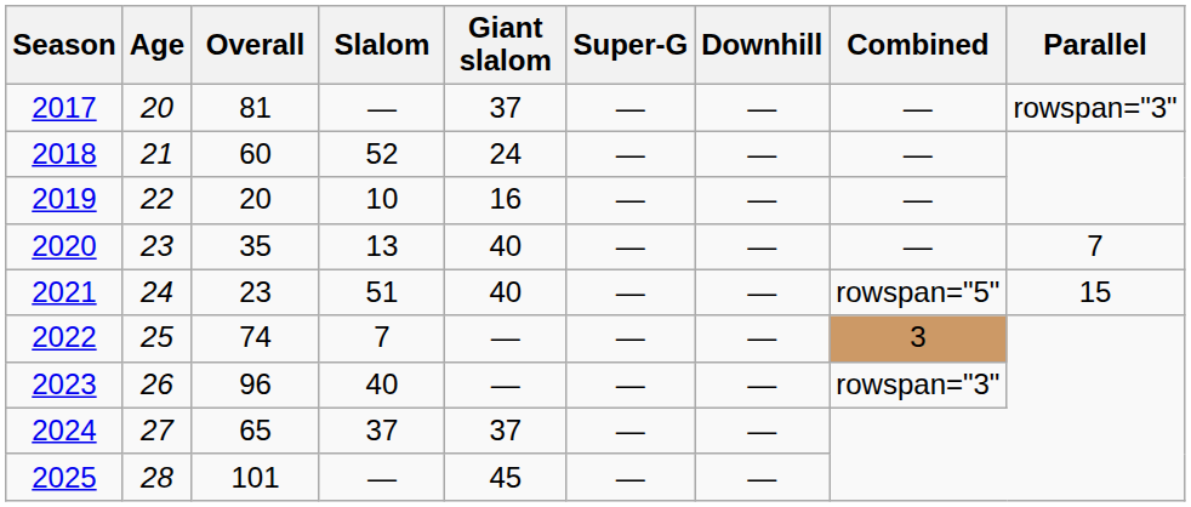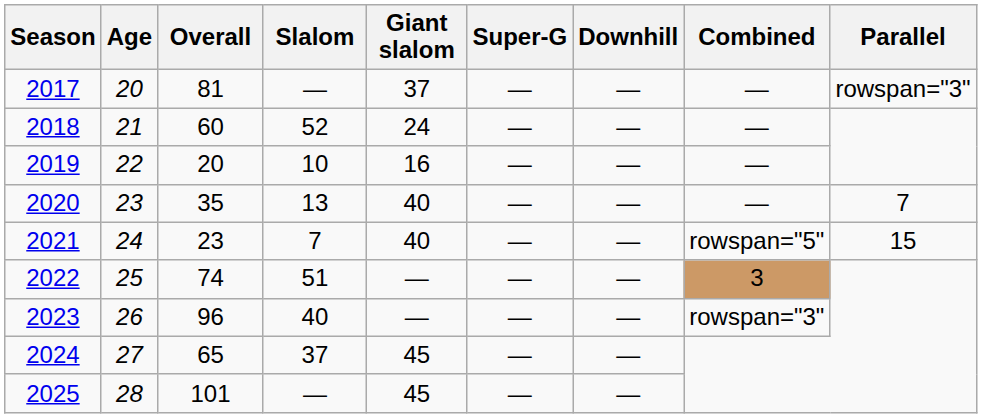 <table class=wikitable style="text-align:center">
 <tr>
 <th>Season</th>
 <th>Age</th>
 <th> Overall </th>
 <th> Slalom </th>
 <th>Giant<br> slalom </th>
 <th>Super-G</th>
 <th>Downhill</th>
 <th>Combined</th>
 <th>Parallel</th>
 </tr>
 <tr>
 <td><a href='#'>2017</a></td>
 <td><em>20</em></td>
 <td>81</td>
 <td>—</td>
 <td>37</td>
 <td>—</td>
 <td>—</td>
 <td>—</td>
 <td>rowspan="3" </td>
 </tr>
 <tr>
 <td><a href='#'>2018</a></td>
 <td><em>21</em></td>
 <td>60</td>
 <td>52</td>
 <td>24</td>
 <td>—</td>
 <td>—</td>
 <td>—</td>
 </tr>
 <tr>
 <td><a href='#'>2019</a></td>
 <td><em>22</em></td>
 <td>20</td>
 <td>10</td>
 <td>16</td>
 <td>—</td>
 <td>—</td>
 <td>—</td>
 </tr>
 <tr>
 <td><a href='#'>2020</a></td>
 <td><em>23</em></td>
 <td>35</td>
 <td>13</td>
 <td>40</td>
 <td>—</td>
 <td>—</td>
 <td>—</td>
 <td>7</td>
 </tr>
 <tr>
 <td><a href='#'>2021</a></td>
 <td><em>24</em></td>
 <td>23</td>
-<td>51</td>
+<td>7</td>
 <td>40</td>
 <td>—</td>
 <td>—</td>
 <td>rowspan="5" </td>
 <td>15</td>
 </tr>
 <tr>
 <td><a href='#'>2022</a></td>
 <td><em>25</em></td>
 <td>74</td>
-<td>7</td>
+<td>51</td>
 <td>—</td>
 <td>—</td>
 <td>—</td>
 <td style="background:#c96;">3</td>
 </tr>
 <tr>
 <td><a href='#'>2023</a></td>
 <td><em>26</em></td>
 <td>96</td>
 <td>40</td>
 <td>—</td>
 <td>—</td>
 <td>—</td>
 <td>rowspan="3" </td>
 </tr>
 <tr>
 <td><a href='#'>2024</a></td>
 <td><em>27</em></td>
 <td>65</td>
 <td>37</td>
-<td>37</td>
+<td>45</td>
 <td>—</td>
 <td>—</td>
 </tr>
 <tr>
 <td><a href='#'>2025</a></td>
 <td><em>28</em></td>
 <td>101</td>
 <td>—</td>
 <td>45</td>
 <td>—</td>
 <td>—</td>
 </tr>
 </table>
